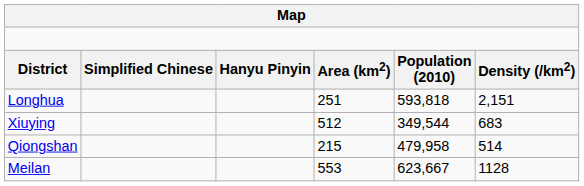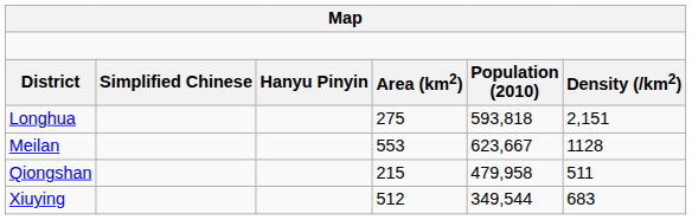 <table class="wikitable" style="font-size:100%;" align=center>
 <tr>
 <th colspan="6">Map</th>
 </tr>
 <tr>
 <td colspan="6"><div><br>       </div></td>
 </tr>
 <tr>
 <th>District</th>
 <th>Simplified Chinese</th>
 <th>Hanyu Pinyin</th>
 <th>Area (km<sup>2</sup>)</th>
 <th>Population<br>(2010)</th>
 <th>Density (/km<sup>2</sup>)</th>
 </tr>
 <tr>
 <td><a href='#'>Longhua</a></td>
 <td></td>
 <td></td>
-<td>251</td>
+<td>275</td>
 <td>593,818</td>
 <td>2,151</td>
+</tr>
+<tr>
+<td><a href='#'>Meilan</a></td>
+<td></td>
+<td></td>
+<td>553</td>
+<td>623,667</td>
+<td>1128</td>
+</tr>
+<tr>
+<td><a href='#'>Qiongshan</a></td>
+<td></td>
+<td></td>
+<td>215</td>
+<td>479,958</td>
+<td>511</td>
 </tr>
 <tr>
 <td><a href='#'>Xiuying</a></td>
 <td></td>
 <td></td>
 <td>512</td>
 <td>349,544</td>
 <td>683</td>
 </tr>
-<tr>
-<td><a href='#'>Qiongshan</a></td>
-<td></td>
-<td></td>
-<td>215</td>
-<td>479,958</td>
-<td>514</td>
-</tr>
-<tr>
-<td><a href='#'>Meilan</a></td>
-<td></td>
-<td></td>
-<td>553</td>
-<td>623,667</td>
-<td>1128</td>
-</tr>
 </table>
